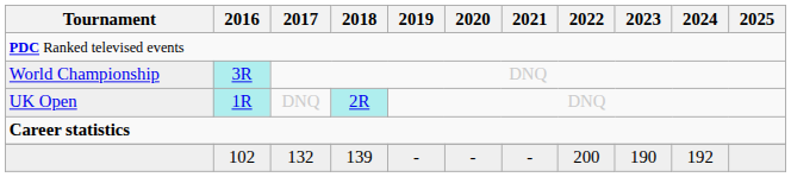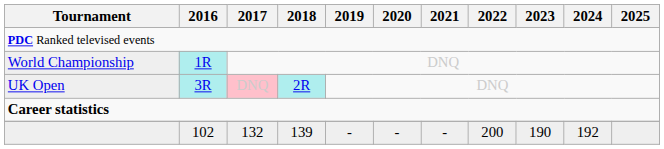 <table class="wikitable" style="width:45%; margin:0">
 <tr>
 <th>Tournament</th>
 <th>2016</th>
 <th>2017</th>
 <th>2018</th>
 <th>2019</th>
 <th>2020</th>
 <th>2021</th>
 <th>2022</th>
 <th>2023</th>
 <th>2024</th>
 <th>2025</th>
 </tr>
 <tr>
 <td colspan="15" style="text-align:left"><small><strong><a href='#'>PDC</a> </strong>Ranked televised events</small></td>
 </tr>
 <tr>
 <td style="background:#efefef;"><a href='#'>World Championship</a></td>
-<td style="text-align:center; background:#afeeee;"><a href='#'>3R</a></td>
+<td style="text-align:center; background:#afeeee;"><a href='#'>1R</a></td>
 <td colspan="9" style="text-align:center; color:#ccc;">DNQ</td>
 </tr>
 <tr>
 <td style="background:#efefef;"><a href='#'>UK Open</a></td>
-<td style="text-align:center; background:#afeeee;"><a href='#'>1R</a></td>
-<td style="text-align:center; color:#ccc;">DNQ</td>
+<td style="text-align:center; background:#afeeee;"><a href='#'>3R</a></td>
+<td style="background: pink; text-align:center; color:#ccc;">DNQ</td>
 <td style="text-align:center; background:#afeeee;"><a href='#'>2R</a></td>
 <td colspan="7" style="text-align:center; color:#ccc;">DNQ</td>
 </tr>
 <tr>
 <td colspan="15" style="text-align:left"><strong>Career statistics</strong></td>
 </tr>
 <tr>
 </tr>
 <tr style="background:#efefef">
 <td style="text-align:left"></td>
 <td style="text-align:center;">102</td>
 <td style="text-align:center;">132</td>
 <td style="text-align:center;">139</td>
 <td style="text-align:center;">-</td>
 <td style="text-align:center;">-</td>
 <td style="text-align:center;">-</td>
 <td style="text-align:center;">200</td>
 <td style="text-align:center;">190</td>
 <td style="text-align:center;">192</td>
 <td style="text-align:center;"></td>
 </tr>
 </table>
